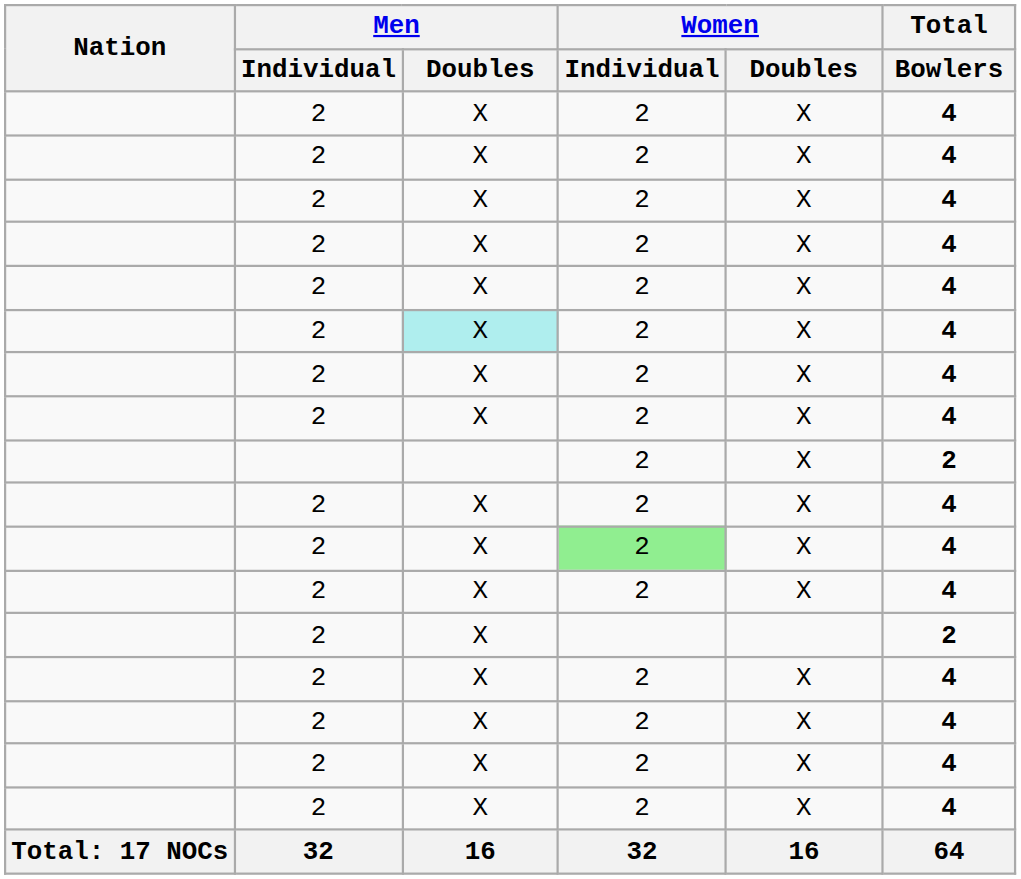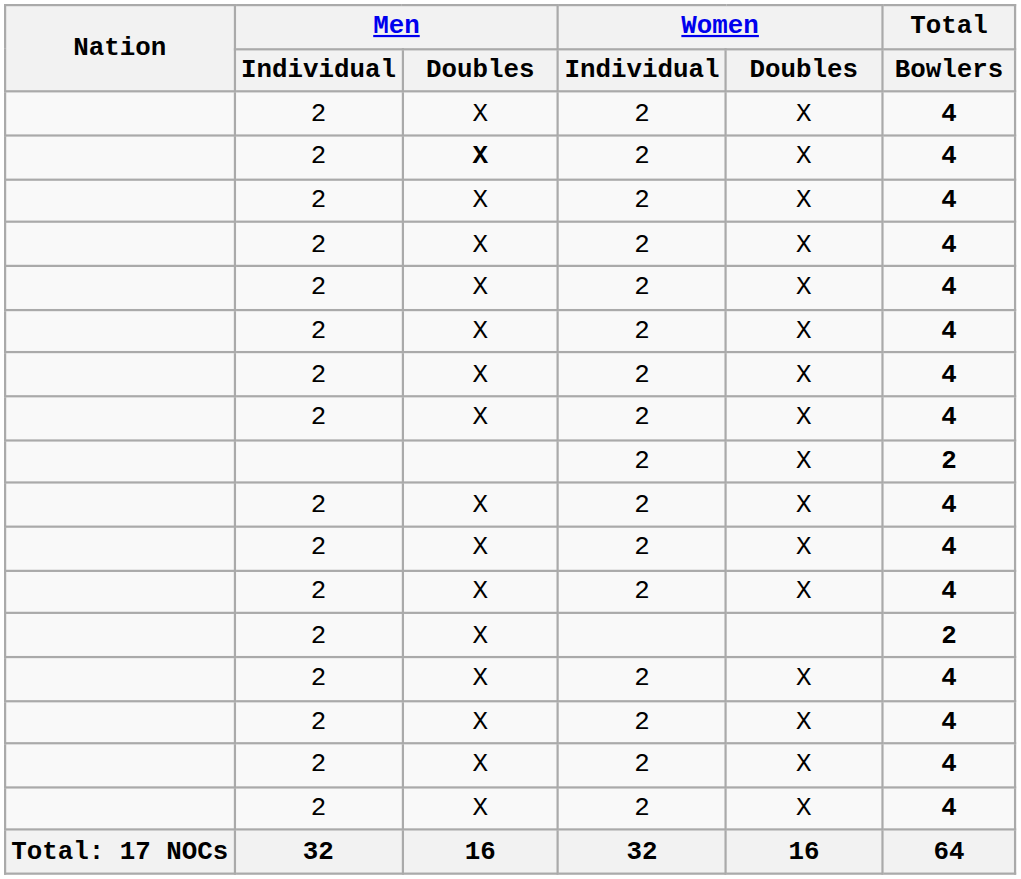 <table class="wikitable" style="text-align:center; font-size:90%">
 <tr>
 <th rowspan="2" align="left">Nation</th>
 <th colspan="2"><a href='#'>Men</a></th>
 <th colspan="2"><a href='#'>Women</a></th>
 <th>Total</th>
 </tr>
 <tr>
 <th width=65>Individual</th>
 <th width=65>Doubles</th>
 <th width=65>Individual</th>
 <th width=65>Doubles</th>
 <th width=55>Bowlers</th>
+</tr>
+<tr>
+<td align=left></td>
+<td>2</td>
+<td>X</td>
+<td>2</td>
+<td>X</td>
+<td><strong>4</strong></td>
+</tr>
+<tr>
+<td align=left></td>
+<td>2</td>
+<td><strong>X</strong></td>
+<td>2</td>
+<td>X</td>
+<td><strong>4</strong></td>
 </tr>
 <tr>
 <td align=left></td>
 <td>2</td>
 <td>X</td>
 <td>2</td>
 <td>X</td>
 <td><strong>4</strong></td>
 </tr>
 <tr>
 <td align=left></td>
 <td>2</td>
 <td>X</td>
 <td>2</td>
 <td>X</td>
 <td><strong>4</strong></td>
 </tr>
 <tr>
 <td align=left></td>
 <td>2</td>
 <td>X</td>
 <td>2</td>
 <td>X</td>
 <td><strong>4</strong></td>
 </tr>
 <tr>
 <td align=left></td>
 <td>2</td>
 <td>X</td>
 <td>2</td>
 <td>X</td>
 <td><strong>4</strong></td>
 </tr>
 <tr>
 <td align=left></td>
 <td>2</td>
 <td>X</td>
 <td>2</td>
 <td>X</td>
 <td><strong>4</strong></td>
 </tr>
 <tr>
 <td align=left></td>
 <td>2</td>
-<td style="background: paleturquoise;">X</td>
-<td>2</td>
-<td>X</td>
-<td><strong>4</strong></td>
-</tr>
-<tr>
-<td align=left></td>
-<td>2</td>
-<td>X</td>
-<td>2</td>
-<td>X</td>
-<td><strong>4</strong></td>
-</tr>
-<tr>
-<td align=left></td>
-<td>2</td>
 <td>X</td>
 <td>2</td>
 <td>X</td>
 <td><strong>4</strong></td>
 </tr>
 <tr>
 <td align=left></td>
 <td></td>
 <td></td>
 <td>2</td>
 <td>X</td>
 <td><strong>2</strong></td>
 </tr>
 <tr>
 <td align=left></td>
 <td>2</td>
 <td>X</td>
 <td>2</td>
 <td>X</td>
 <td><strong>4</strong></td>
 </tr>
 <tr>
 <td align=left></td>
 <td>2</td>
 <td>X</td>
-<td style="background: lightgreen;">2</td>
+<td>2</td>
 <td>X</td>
 <td><strong>4</strong></td>
 </tr>
 <tr>
 <td align=left></td>
 <td>2</td>
 <td>X</td>
 <td>2</td>
 <td>X</td>
 <td><strong>4</strong></td>
 </tr>
 <tr>
 <td align=left></td>
 <td>2</td>
 <td>X</td>
 <td></td>
 <td></td>
 <td><strong>2</strong></td>
 </tr>
 <tr>
 <td align=left></td>
 <td>2</td>
 <td>X</td>
 <td>2</td>
 <td>X</td>
 <td><strong>4</strong></td>
 </tr>
 <tr>
 <td align=left></td>
 <td>2</td>
 <td>X</td>
 <td>2</td>
 <td>X</td>
 <td><strong>4</strong></td>
 </tr>
 <tr>
 <td align=left></td>
 <td>2</td>
 <td>X</td>
 <td>2</td>
 <td>X</td>
 <td><strong>4</strong></td>
 </tr>
 <tr>
 <td align=left></td>
 <td>2</td>
 <td>X</td>
 <td>2</td>
 <td>X</td>
 <td><strong>4</strong></td>
 </tr>
 <tr>
 <th>Total: 17 NOCs</th>
 <th>32</th>
 <th>16</th>
 <th>32</th>
 <th>16</th>
 <th>64</th>
 </tr>
 </table>
